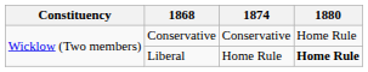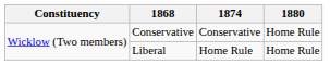 <table class="wikitable">
 <tr>
 <th>Constituency</th>
 <th>1868</th>
 <th>1874</th>
 <th>1880</th>
 </tr>
 <tr>
 <td rowspan="2"><a href='#'>Wicklow</a> (Two members)</td>
 <td>Conservative</td>
 <td>Conservative</td>
 <td>Home Rule</td>
 </tr>
 <tr>
 <td>Liberal</td>
 <td>Home Rule</td>
-<td><strong>Home Rule</strong></td>
+<td>Home Rule</td>
 </tr>
 </table>
